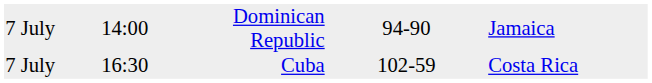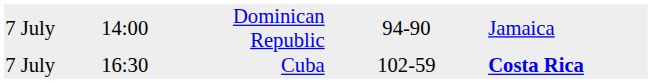 <table cellspacing=0 width=80% style=background:#eeeeee>
 <tr>
 <td width=10% align=left>7 July</td>
 <td align=center width=10%>14:00</td>
 <td align=right width=20%><a href='#'>Dominican Republic</a></td>
 <td align=left width=5%></td>
 <td align=center width=10%>94-90</td>
 <td align=right width=5%></td>
 <td align=left width=20%><a href='#'>Jamaica</a></td>
 </tr>
 <tr>
 <td width=10% align=left>7 July</td>
 <td align=center width=10%>16:30</td>
 <td align=right width=20%><a href='#'>Cuba</a></td>
 <td align=left width=5%></td>
 <td align=center width=10%>102-59</td>
 <td align=right width=5%></td>
-<td align=left width=20%><a href='#'>Costa Rica</a></td>
+<td align=left width=20%><strong><a href='#'>Costa Rica</a></strong></td>
 </tr>
 </table>
